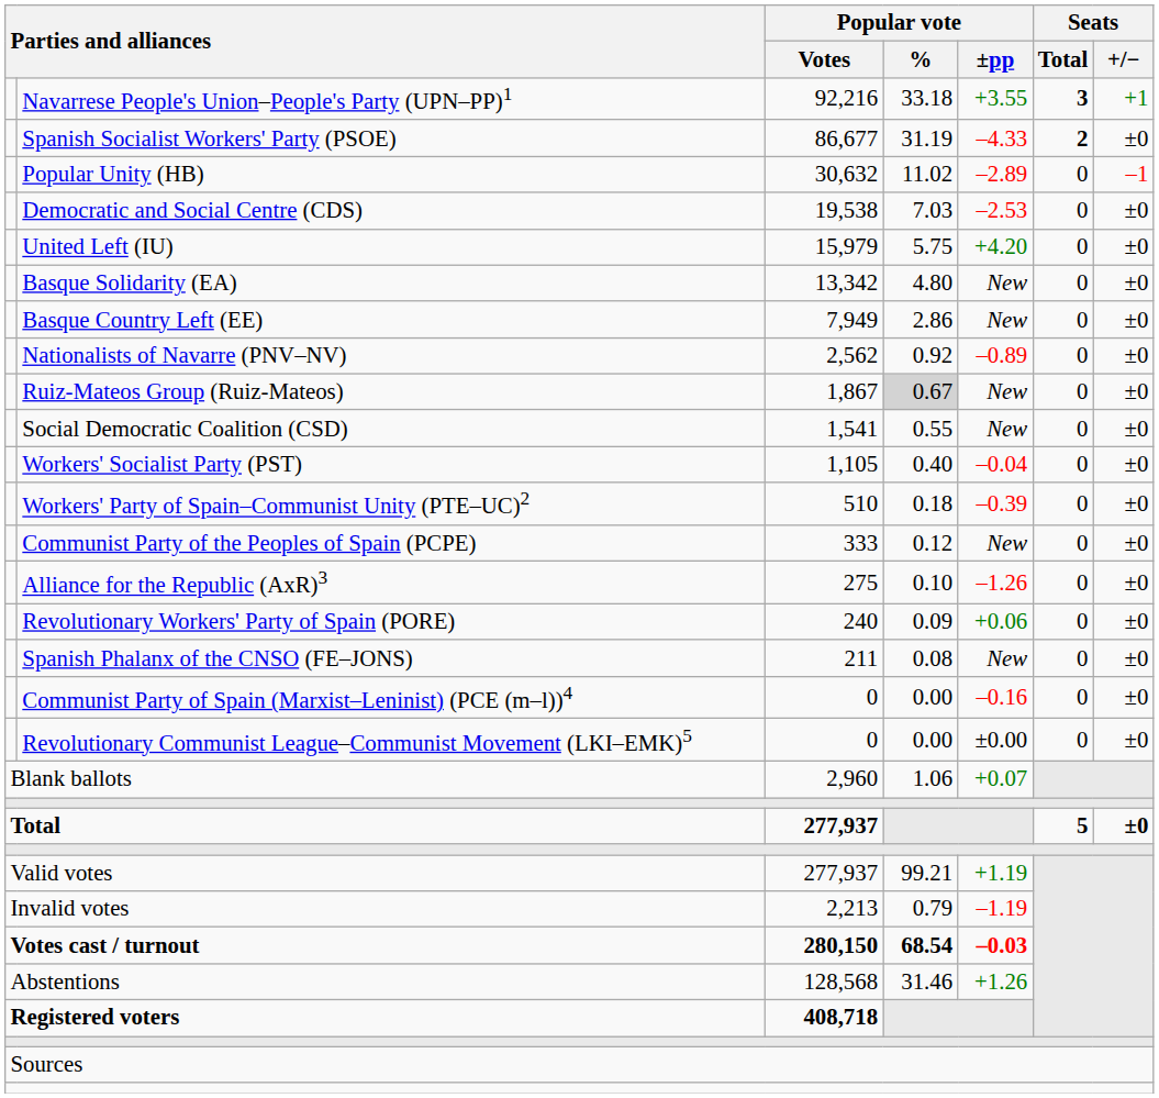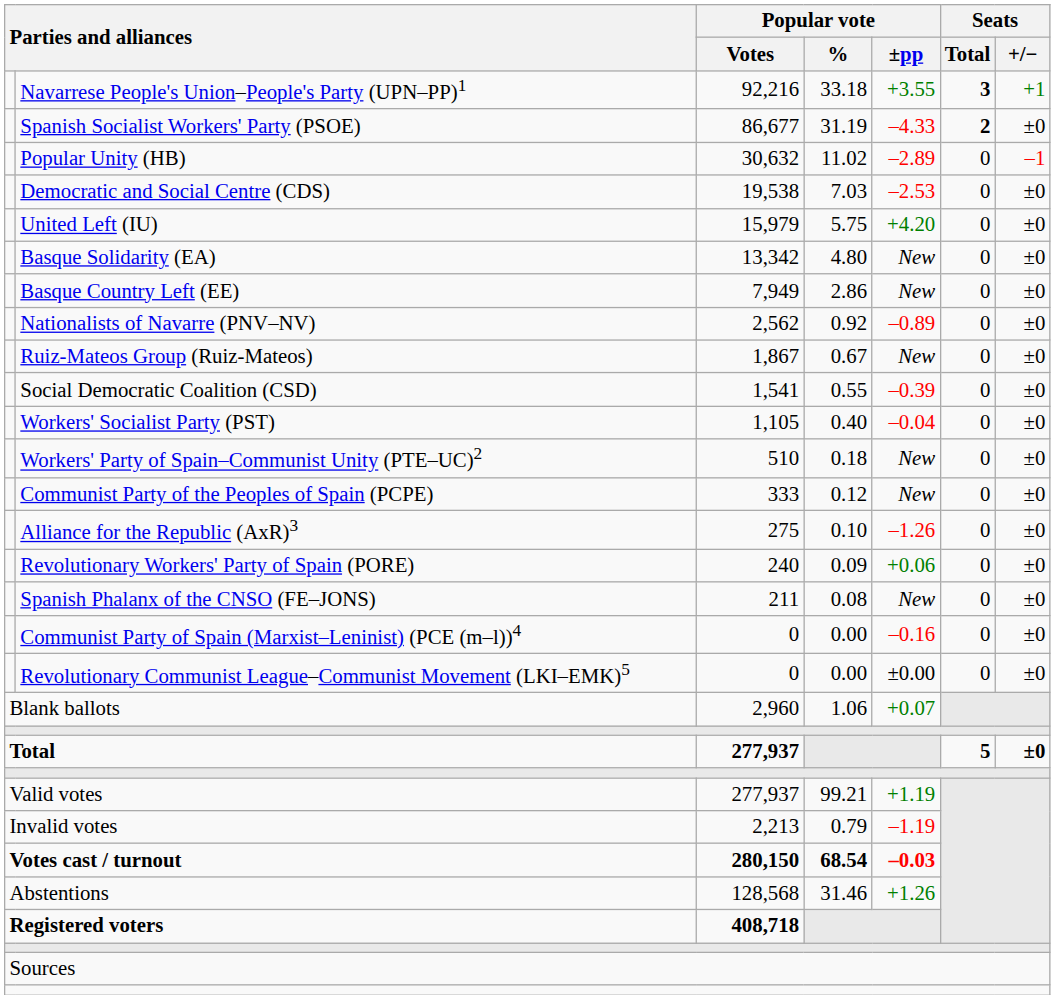 <table class="wikitable" style="text-align:right;">
 <tr>
 <th style="text-align:left;" rowspan="2" colspan="2" width="525">Parties and alliances</th>
 <th colspan="3">Popular vote</th>
 <th colspan="2">Seats</th>
 </tr>
 <tr>
 <th width="75">Votes</th>
 <th width="45">%</th>
 <th width="45">±<a href='#'>pp</a></th>
 <th width="35">Total</th>
 <th width="35">+/−</th>
 </tr>
 <tr>
 <td width="1" style="color:inherit;background:"></td>
 <td align="left"><a href='#'>Navarrese People's Union</a>–<a href='#'>People's Party</a> (UPN–PP)<sup>1</sup></td>
 <td>92,216</td>
 <td>33.18</td>
 <td style="color:green;">+3.55</td>
 <td><strong>3</strong></td>
 <td style="color:green;">+1</td>
 </tr>
 <tr>
 <td style="color:inherit;background:"></td>
 <td align="left"><a href='#'>Spanish Socialist Workers' Party</a> (PSOE)</td>
 <td>86,677</td>
 <td>31.19</td>
 <td style="color:red;">–4.33</td>
 <td><strong>2</strong></td>
 <td>±0</td>
 </tr>
 <tr>
 <td style="color:inherit;background:"></td>
 <td align="left"><a href='#'>Popular Unity</a> (HB)</td>
 <td>30,632</td>
 <td>11.02</td>
 <td style="color:red;">–2.89</td>
 <td>0</td>
 <td style="color:red;">–1</td>
 </tr>
 <tr>
 <td style="color:inherit;background:"></td>
 <td align="left"><a href='#'>Democratic and Social Centre</a> (CDS)</td>
 <td>19,538</td>
 <td>7.03</td>
 <td style="color:red;">–2.53</td>
 <td>0</td>
 <td>±0</td>
 </tr>
 <tr>
 <td style="color:inherit;background:"></td>
 <td align="left"><a href='#'>United Left</a> (IU)</td>
 <td>15,979</td>
 <td>5.75</td>
 <td style="color:green;">+4.20</td>
 <td>0</td>
 <td>±0</td>
 </tr>
 <tr>
 <td style="color:inherit;background:"></td>
 <td align="left"><a href='#'>Basque Solidarity</a> (EA)</td>
 <td>13,342</td>
 <td>4.80</td>
 <td><em>New</em></td>
 <td>0</td>
 <td>±0</td>
 </tr>
 <tr>
 <td style="color:inherit;background:"></td>
 <td align="left"><a href='#'>Basque Country Left</a> (EE)</td>
 <td>7,949</td>
 <td>2.86</td>
 <td><em>New</em></td>
 <td>0</td>
 <td>±0</td>
 </tr>
 <tr>
 <td style="color:inherit;background:"></td>
 <td align="left"><a href='#'>Nationalists of Navarre</a> (PNV–NV)</td>
 <td>2,562</td>
 <td>0.92</td>
 <td style="color:red;">–0.89</td>
 <td>0</td>
 <td>±0</td>
 </tr>
 <tr>
 <td style="color:inherit;background:"></td>
 <td align="left"><a href='#'>Ruiz-Mateos Group</a> (Ruiz-Mateos)</td>
 <td>1,867</td>
-<td style="background: lightgrey;">0.67</td>
+<td>0.67</td>
 <td><em>New</em></td>
 <td>0</td>
 <td>±0</td>
 </tr>
 <tr>
 <td style="color:inherit;background:"></td>
 <td align="left">Social Democratic Coalition (CSD)</td>
 <td>1,541</td>
 <td>0.55</td>
-<td><em>New</em></td>
+<td style="color:red;">–0.39</td>
 <td>0</td>
 <td>±0</td>
 </tr>
 <tr>
 <td style="color:inherit;background:"></td>
 <td align="left"><a href='#'>Workers' Socialist Party</a> (PST)</td>
 <td>1,105</td>
 <td>0.40</td>
 <td style="color:red;">–0.04</td>
 <td>0</td>
 <td>±0</td>
 </tr>
 <tr>
 <td style="color:inherit;background:"></td>
 <td align="left"><a href='#'>Workers' Party of Spain–Communist Unity</a> (PTE–UC)<sup>2</sup></td>
 <td>510</td>
 <td>0.18</td>
-<td style="color:red;">–0.39</td>
+<td><em>New</em></td>
 <td>0</td>
 <td>±0</td>
 </tr>
 <tr>
 <td style="color:inherit;background:"></td>
 <td align="left"><a href='#'>Communist Party of the Peoples of Spain</a> (PCPE)</td>
 <td>333</td>
 <td>0.12</td>
 <td><em>New</em></td>
 <td>0</td>
 <td>±0</td>
 </tr>
 <tr>
 <td style="color:inherit;background:"></td>
 <td align="left"><a href='#'>Alliance for the Republic</a> (AxR)<sup>3</sup></td>
 <td>275</td>
 <td>0.10</td>
 <td style="color:red;">–1.26</td>
 <td>0</td>
 <td>±0</td>
 </tr>
 <tr>
 <td style="color:inherit;background:"></td>
 <td align="left"><a href='#'>Revolutionary Workers' Party of Spain</a> (PORE)</td>
 <td>240</td>
 <td>0.09</td>
 <td style="color:green;">+0.06</td>
 <td>0</td>
 <td>±0</td>
 </tr>
 <tr>
 <td style="color:inherit;background:"></td>
 <td align="left"><a href='#'>Spanish Phalanx of the CNSO</a> (FE–JONS)</td>
 <td>211</td>
 <td>0.08</td>
 <td><em>New</em></td>
 <td>0</td>
 <td>±0</td>
 </tr>
 <tr>
 <td style="color:inherit;background:"></td>
 <td align="left"><a href='#'>Communist Party of Spain (Marxist–Leninist)</a> (PCE (m–l))<sup>4</sup></td>
 <td>0</td>
 <td>0.00</td>
 <td style="color:red;">–0.16</td>
 <td>0</td>
 <td>±0</td>
 </tr>
 <tr>
 <td style="color:inherit;background:"></td>
 <td align="left"><a href='#'>Revolutionary Communist League</a>–<a href='#'>Communist Movement</a> (LKI–EMK)<sup>5</sup></td>
 <td>0</td>
 <td>0.00</td>
 <td>±0.00</td>
 <td>0</td>
 <td>±0</td>
 </tr>
 <tr>
 <td align="left" colspan="2">Blank ballots</td>
 <td>2,960</td>
 <td>1.06</td>
 <td style="color:green;">+0.07</td>
 <td bgcolor="#E9E9E9" colspan="2"></td>
 </tr>
 <tr>
 <td colspan="7" bgcolor="#E9E9E9"></td>
 </tr>
 <tr style="font-weight:bold;">
 <td align="left" colspan="2">Total</td>
 <td>277,937</td>
 <td bgcolor="#E9E9E9" colspan="2"></td>
 <td>5</td>
 <td>±0</td>
 </tr>
 <tr>
 <td colspan="7" bgcolor="#E9E9E9"></td>
 </tr>
 <tr>
 <td align="left" colspan="2">Valid votes</td>
 <td>277,937</td>
 <td>99.21</td>
 <td style="color:green;">+1.19</td>
 <td bgcolor="#E9E9E9" colspan="2" rowspan="5"></td>
 </tr>
 <tr>
 <td align="left" colspan="2">Invalid votes</td>
 <td>2,213</td>
 <td>0.79</td>
 <td style="color:red;">–1.19</td>
 </tr>
 <tr style="font-weight:bold;">
 <td align="left" colspan="2">Votes cast / turnout</td>
 <td>280,150</td>
 <td>68.54</td>
 <td style="color:red;">–0.03</td>
 </tr>
 <tr>
 <td align="left" colspan="2">Abstentions</td>
 <td>128,568</td>
 <td>31.46</td>
 <td style="color:green;">+1.26</td>
 </tr>
 <tr style="font-weight:bold;">
 <td align="left" colspan="2">Registered voters</td>
 <td>408,718</td>
 <td bgcolor="#E9E9E9" colspan="2"></td>
 </tr>
 <tr>
 <td colspan="7" bgcolor="#E9E9E9"></td>
 </tr>
 <tr>
 <td align="left" colspan="7">Sources</td>
 </tr>
 <tr>
 <td colspan="7" style="text-align:left; max-width:790px;"></td>
 </tr>
 </table>
